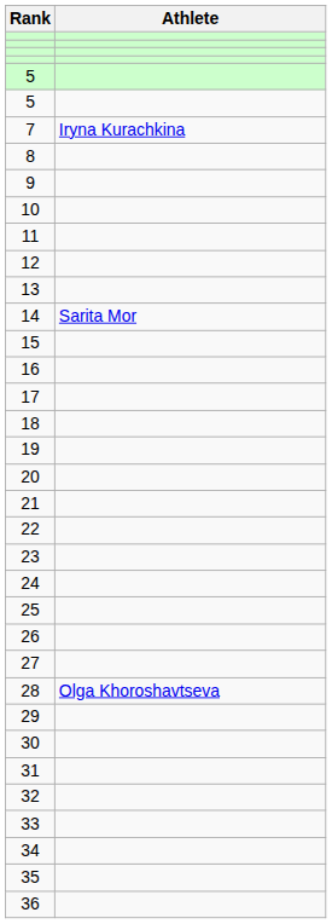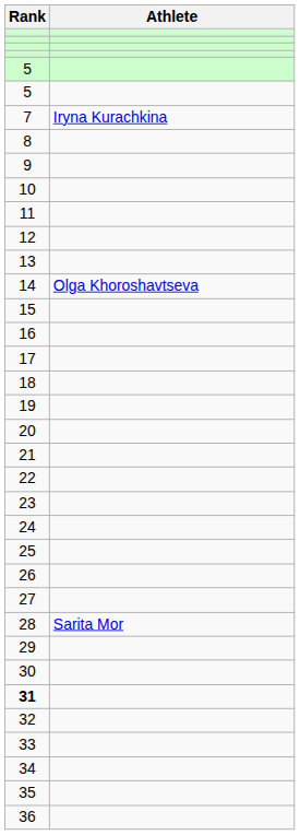 <table class="wikitable" style="text-align: center;">
 <tr>
 <th width=40>Rank</th>
 <th width=250>Athlete</th>
 </tr>
 <tr bgcolor=#ccffcc>
 <td></td>
 <td align="left"></td>
 </tr>
 <tr bgcolor=#ccffcc>
 <td></td>
 <td align="left"></td>
 </tr>
 <tr bgcolor=#ccffcc>
 <td></td>
 <td align="left"></td>
 </tr>
 <tr bgcolor=#ccffcc>
 <td></td>
 <td align="left"></td>
 </tr>
 <tr bgcolor=#ccffcc>
 <td>5</td>
 <td align="left"></td>
 </tr>
 <tr>
 <td>5</td>
 <td align="left"></td>
 </tr>
 <tr>
 <td>7</td>
 <td align="left"> <a href='#'>Iryna Kurachkina</a> </td>
 </tr>
 <tr>
 <td>8</td>
 <td align="left"></td>
 </tr>
 <tr>
 <td>9</td>
 <td align="left"></td>
 </tr>
 <tr>
 <td>10</td>
 <td align="left"></td>
 </tr>
 <tr>
 <td>11</td>
 <td align="left"></td>
 </tr>
 <tr>
 <td>12</td>
 <td align="left"></td>
 </tr>
 <tr>
 <td>13</td>
 <td align="left"></td>
 </tr>
 <tr>
 <td>14</td>
-<td align="left"> <a href='#'>Sarita Mor</a> </td>
+<td align="left"> <a href='#'>Olga Khoroshavtseva</a> </td>
 </tr>
 <tr>
 <td>15</td>
 <td align="left"></td>
 </tr>
 <tr>
 <td>16</td>
 <td align="left"></td>
 </tr>
 <tr>
 <td>17</td>
 <td align="left"></td>
 </tr>
 <tr>
 <td>18</td>
 <td align="left"></td>
 </tr>
 <tr>
 <td>19</td>
 <td align="left"></td>
 </tr>
 <tr>
 <td>20</td>
 <td align="left"></td>
 </tr>
 <tr>
 <td>21</td>
 <td align="left"></td>
 </tr>
 <tr>
 <td>22</td>
 <td align="left"></td>
 </tr>
 <tr>
 <td>23</td>
 <td align="left"></td>
 </tr>
 <tr>
 <td>24</td>
 <td align="left"></td>
 </tr>
 <tr>
 <td>25</td>
 <td align="left"></td>
 </tr>
 <tr>
 <td>26</td>
 <td align="left"></td>
 </tr>
 <tr>
 <td>27</td>
 <td align="left"></td>
 </tr>
 <tr>
 <td>28</td>
-<td align="left"> <a href='#'>Olga Khoroshavtseva</a> </td>
+<td align="left"> <a href='#'>Sarita Mor</a> </td>
 </tr>
 <tr>
 <td>29</td>
 <td align="left"></td>
 </tr>
 <tr>
 <td>30</td>
 <td align="left"></td>
 </tr>
 <tr>
-<td>31</td>
+<td><strong>31</strong></td>
 <td align="left"></td>
 </tr>
 <tr>
 <td>32</td>
 <td align="left"></td>
 </tr>
 <tr>
 <td>33</td>
 <td align="left"></td>
 </tr>
 <tr>
 <td>34</td>
 <td align="left"></td>
 </tr>
 <tr>
 <td>35</td>
 <td align="left"></td>
 </tr>
 <tr>
 <td>36</td>
 <td align="left"></td>
 </tr>
 </table>
